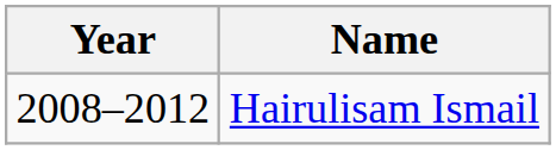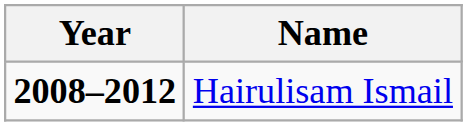 <table class="wikitable">
 <tr>
 <th>Year</th>
 <th>Name</th>
 </tr>
 <tr>
-<td>2008–2012</td>
+<td><strong>2008–2012</strong></td>
 <td> <a href='#'>Hairulisam Ismail</a></td>
 </tr>
 </table>
